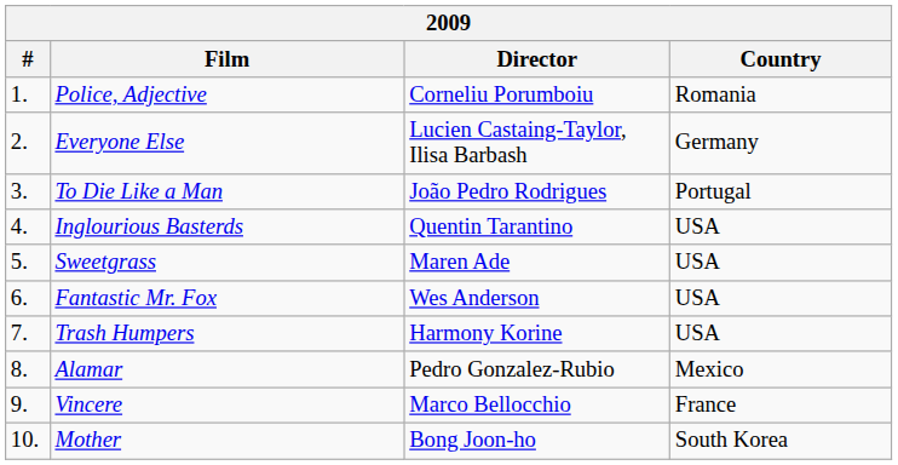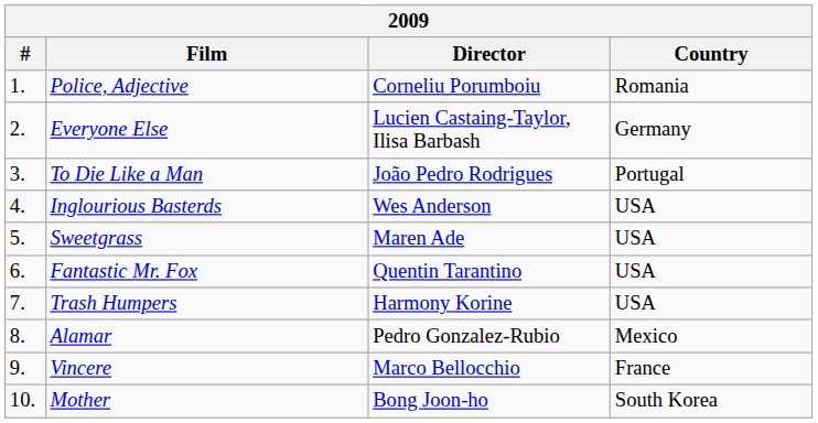 <table class="wikitable" style="width:50%;" cellpadding="5">
 <tr>
 <th colspan=4>2009</th>
 </tr>
 <tr>
 <th style="width:5%;">#</th>
 <th style="width:40%;">Film</th>
 <th style="width:30%;">Director</th>
 <th style="width:25%;">Country</th>
 </tr>
 <tr>
 <td>1.</td>
 <td><em><a href='#'>Police, Adjective</a></em></td>
 <td><a href='#'>Corneliu Porumboiu</a></td>
 <td>Romania</td>
 </tr>
 <tr>
 <td>2.</td>
 <td><em><a href='#'>Everyone Else</a></em></td>
 <td><a href='#'>Lucien Castaing-Taylor</a>, Ilisa Barbash</td>
 <td>Germany</td>
 </tr>
 <tr>
 <td>3.</td>
 <td><em><a href='#'>To Die Like a Man</a></em></td>
 <td><a href='#'>João Pedro Rodrigues</a></td>
 <td>Portugal</td>
 </tr>
 <tr>
 <td>4.</td>
 <td><em><a href='#'>Inglourious Basterds</a></em></td>
-<td><a href='#'>Quentin Tarantino</a></td>
+<td><a href='#'>Wes Anderson</a></td>
 <td>USA</td>
 </tr>
 <tr>
 <td>5.</td>
 <td><em><a href='#'>Sweetgrass</a></em></td>
 <td><a href='#'>Maren Ade</a></td>
 <td>USA</td>
 </tr>
 <tr>
 <td>6.</td>
 <td><em><a href='#'>Fantastic Mr. Fox</a></em></td>
-<td><a href='#'>Wes Anderson</a></td>
+<td><a href='#'>Quentin Tarantino</a></td>
 <td>USA</td>
 </tr>
 <tr>
 <td>7.</td>
 <td><em><a href='#'>Trash Humpers</a></em></td>
 <td><a href='#'>Harmony Korine</a></td>
 <td>USA</td>
 </tr>
 <tr>
 <td>8.</td>
 <td><em><a href='#'>Alamar</a></em></td>
 <td>Pedro Gonzalez-Rubio</td>
 <td>Mexico</td>
 </tr>
 <tr>
 <td>9.</td>
 <td><em><a href='#'>Vincere</a></em></td>
 <td><a href='#'>Marco Bellocchio</a></td>
 <td>France</td>
 </tr>
 <tr>
 <td>10.</td>
 <td><em><a href='#'>Mother</a></em></td>
 <td><a href='#'>Bong Joon-ho</a></td>
 <td>South Korea</td>
 </tr>
 </table>
